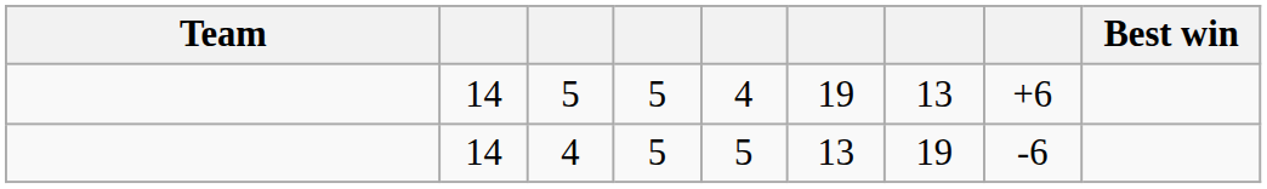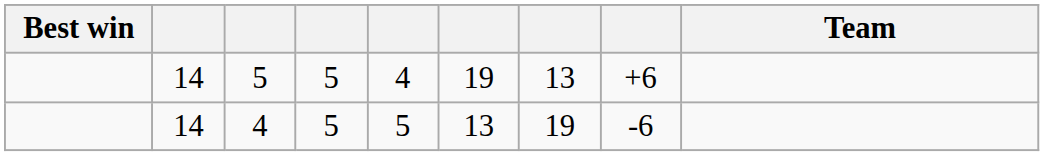 <table class="wikitable sortable" style="text-align:center;">
 <tr>
-<th width=180>Team</th>
+<th width=70>Best win</th>
 <th width=30></th>
 <th width=30></th>
 <th width=30></th>
 <th width=30></th>
 <th width=35></th>
 <th width=35></th>
 <th width=35></th>
-<th width=70>Best win</th>
+<th width=180>Team</th>
 </tr>
 <tr>
-<td align="left"></td>
+<td></td>
 <td>14</td>
 <td>5</td>
 <td>5</td>
 <td>4</td>
 <td>19</td>
 <td>13</td>
 <td>+6</td>
-<td></td>
+<td align="left"></td>
 </tr>
 <tr>
-<td align="left"></td>
+<td></td>
 <td>14</td>
 <td>4</td>
 <td>5</td>
 <td>5</td>
 <td>13</td>
 <td>19</td>
 <td>-6</td>
-<td></td>
+<td align="left"></td>
 </tr>
 </table>
